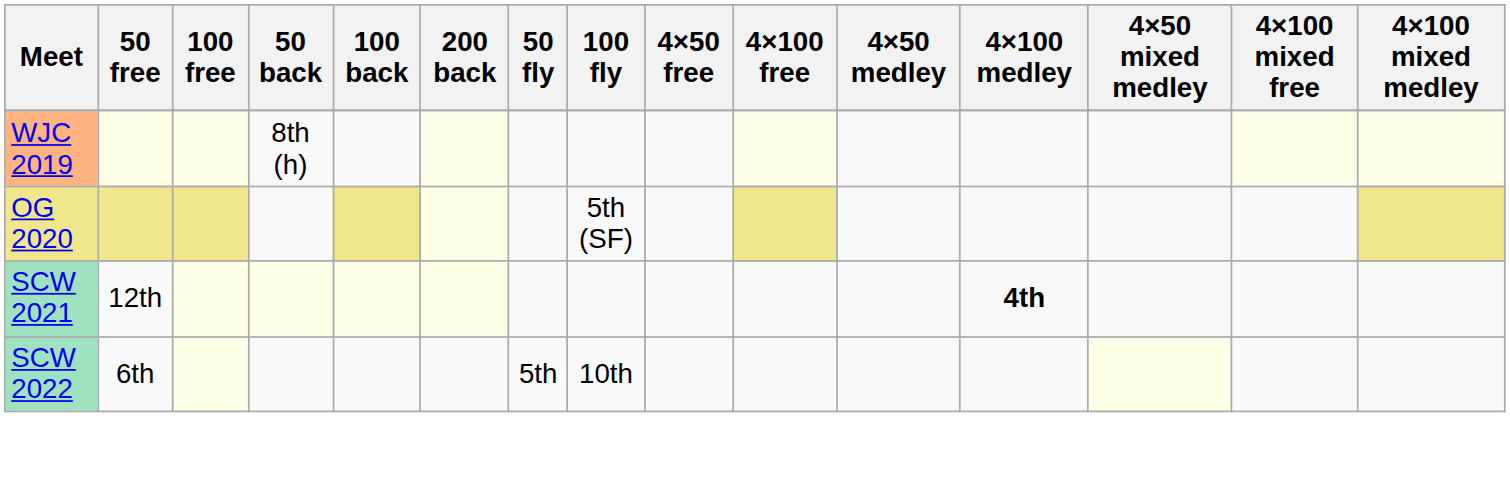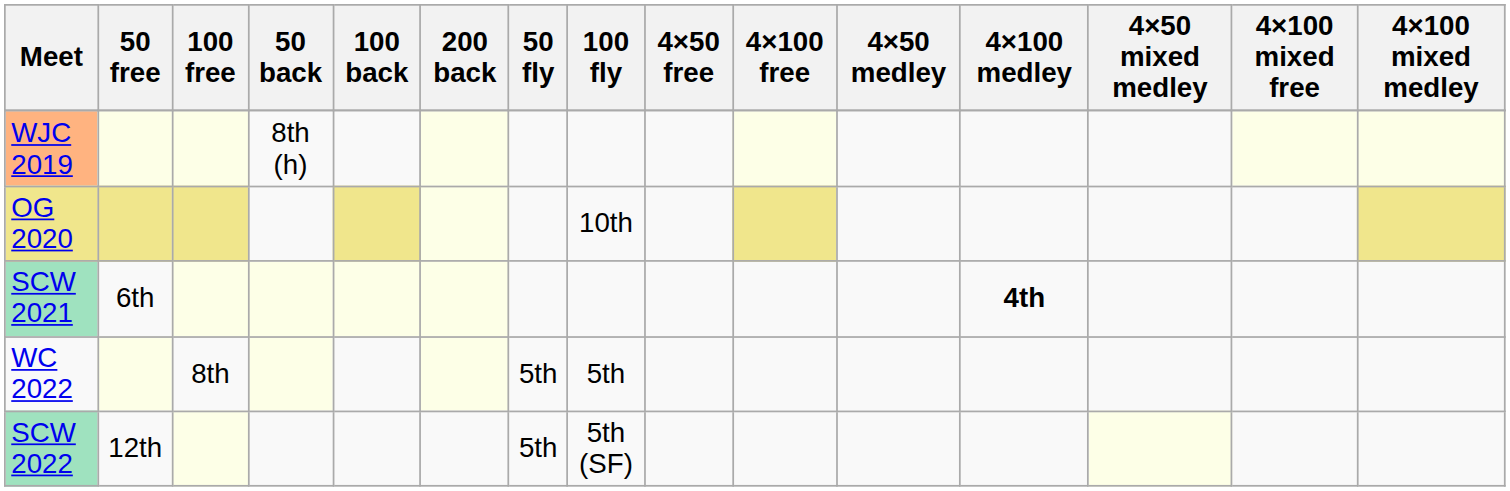 <table class="sortable wikitable">
 <tr>
 <th>Meet</th>
 <th class="unsortable">50 free</th>
 <th class="unsortable">100 free</th>
 <th class="unsortable">50 back</th>
 <th class="unsortable">100 back</th>
 <th class="unsortable">200 back</th>
 <th class="unsortable">50 fly</th>
 <th class="unsortable">100 fly</th>
 <th class="unsortable">4×50 free</th>
 <th class="unsortable">4×100 free</th>
 <th class="unsortable">4×50 medley</th>
 <th class="unsortable">4×100 medley</th>
 <th class="unsortable">4×50 mixed medley</th>
 <th class="unsortable">4×100 mixed free</th>
 <th class="unsortable">4×100 mixed medley</th>
 </tr>
 <tr>
 </tr>
 <tr>
 <td style="background:#ffb380"><a href='#'>WJC 2019</a></td>
 <td style="background:#fdffe7"></td>
 <td style="background:#fdffe7"></td>
 <td align="center">8th (h)</td>
 <td align="center"></td>
 <td style="background:#fdffe7"></td>
 <td align="center"></td>
 <td align="center"></td>
 <td></td>
 <td style="background:#fdffe7"></td>
 <td></td>
 <td align="center"></td>
 <td></td>
 <td style="background:#fdffe7"></td>
 <td style="background:#fdffe7"></td>
 </tr>
 <tr>
 <td style="background:#f0e68c"><a href='#'>OG 2020</a></td>
 <td style="background:#f0e68c"></td>
 <td style="background:#f0e68c"></td>
 <td></td>
 <td style="background:#f0e68c"></td>
 <td style="background:#fdffe7"></td>
 <td></td>
-<td align="center">5th (SF)</td>
+<td align="center">10th</td>
 <td></td>
 <td style="background:#f0e68c"></td>
 <td></td>
 <td align="center"></td>
 <td></td>
 <td></td>
 <td style="background:#f0e68c"></td>
 </tr>
 <tr>
 <td style="background:#9fe2bf"><a href='#'>SCW 2021</a></td>
-<td align="center">12th</td>
+<td align="center">6th</td>
 <td style="background:#fdffe7"></td>
 <td style="background:#fdffe7"></td>
 <td style="background:#fdffe7"></td>
 <td style="background:#fdffe7"></td>
 <td align="center"></td>
 <td align="center"></td>
 <td align="center"></td>
 <td align="center"></td>
 <td align="center"></td>
 <td align="center"><strong>4th</strong></td>
 <td align="center"></td>
 <td></td>
 <td></td>
 </tr>
 <tr>
+<td><a href='#'>WC 2022</a></td>
+<td style="background:#fdffe7"></td>
+<td align="center">8th</td>
+<td style="background:#fdffe7"></td>
+<td align="center"></td>
+<td style="background:#fdffe7"></td>
+<td align="center">5th</td>
+<td align="center">5th</td>
+<td></td>
+<td align="center"></td>
+<td></td>
+<td align="center"></td>
+<td></td>
+<td align="center"></td>
+<td align="center"></td>
+</tr>
+<tr>
 <td style="background:#9fe2bf"><a href='#'>SCW 2022</a></td>
-<td align="center">6th</td>
+<td align="center">12th</td>
 <td style="background:#fdffe7"></td>
 <td align="center"></td>
 <td align="center"></td>
 <td align="center"></td>
 <td align="center">5th</td>
-<td align="center">10th</td>
+<td align="center">5th (SF)</td>
 <td align="center"></td>
 <td align="center"></td>
 <td align="center"></td>
 <td align="center"></td>
 <td style="background:#fdffe7"></td>
 <td></td>
 <td></td>
 </tr>
 </table>
